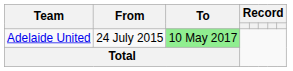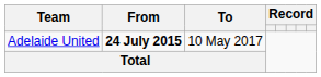 <table class="wikitable" style="text-align: center">
 <tr>
 <th rowspan="2">Team</th>
 <th rowspan="2">From</th>
 <th rowspan="2">To</th>
 <th colspan="5">Record</th>
 </tr>
 <tr>
 <th></th>
 <th></th>
 <th></th>
 <th></th>
 <th></th>
 </tr>
 <tr>
 <td><a href='#'>Adelaide United</a></td>
-<td>24 July 2015</td>
-<td style="background: lightgreen;">10 May 2017<br></td>
+<td><strong>24 July 2015</strong></td>
+<td>10 May 2017<br></td>
 </tr>
 <tr>
 <th colspan="3">Total<br></th>
 </tr>
 </table>
